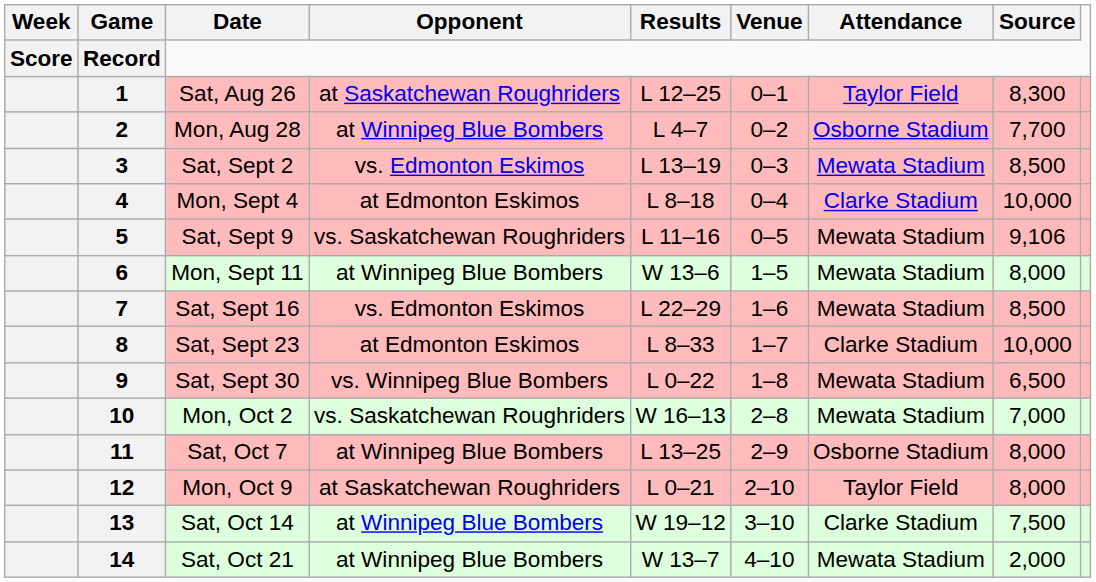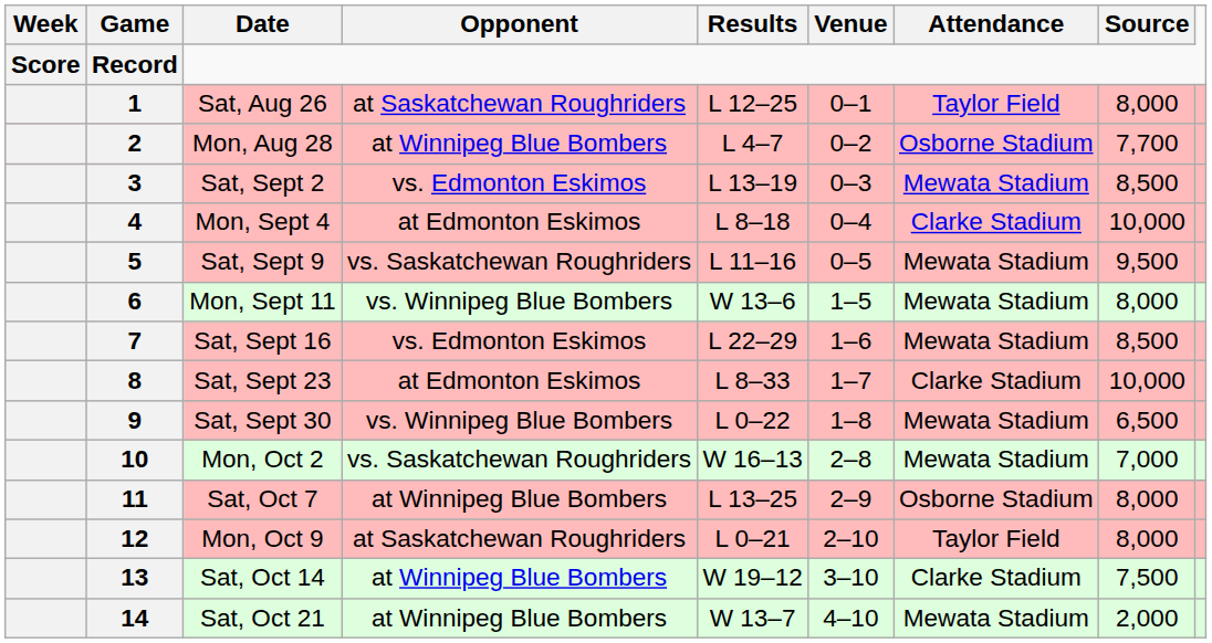 <table class="wikitable" style="text-align:center">
 <tr>
 <th>Week</th>
 <th>Game</th>
 <th>Date</th>
 <th>Opponent</th>
 <th>Results</th>
 <th>Venue</th>
 <th>Attendance</th>
 <th>Source</th>
 </tr>
 <tr>
 <th>Score</th>
 <th>Record</th>
 </tr>
 <tr style="background:#ffbbbb">
 <th></th>
 <th>1</th>
 <td>Sat, Aug 26</td>
 <td>at <a href='#'>Saskatchewan Roughriders</a></td>
 <td>L 12–25</td>
 <td>0–1</td>
 <td><a href='#'>Taylor Field</a></td>
-<td>8,300</td>
+<td>8,000</td>
 <td></td>
 </tr>
 <tr style="background:#ffbbbb">
 <th></th>
 <th>2</th>
 <td>Mon, Aug 28</td>
 <td>at <a href='#'>Winnipeg Blue Bombers</a></td>
 <td>L 4–7</td>
 <td>0–2</td>
 <td><a href='#'>Osborne Stadium</a></td>
 <td>7,700</td>
 <td></td>
 </tr>
 <tr style="background:#ffbbbb">
 <th></th>
 <th>3</th>
 <td>Sat, Sept 2</td>
 <td>vs. <a href='#'>Edmonton Eskimos</a></td>
 <td>L 13–19</td>
 <td>0–3</td>
 <td><a href='#'>Mewata Stadium</a></td>
 <td>8,500</td>
 <td></td>
 </tr>
 <tr style="background:#ffbbbb">
 <th></th>
 <th>4</th>
 <td>Mon, Sept 4</td>
 <td>at Edmonton Eskimos</td>
 <td>L 8–18</td>
 <td>0–4</td>
 <td><a href='#'>Clarke Stadium</a></td>
 <td>10,000</td>
 <td></td>
 </tr>
 <tr style="background:#ffbbbb">
 <th></th>
 <th>5</th>
 <td>Sat, Sept 9</td>
 <td>vs. Saskatchewan Roughriders</td>
 <td>L 11–16</td>
 <td>0–5</td>
 <td>Mewata Stadium</td>
-<td>9,106</td>
+<td>9,500</td>
 <td></td>
 </tr>
 <tr style="background:#ddffdd">
 <th></th>
 <th>6</th>
 <td>Mon, Sept 11</td>
-<td>at Winnipeg Blue Bombers</td>
+<td>vs. Winnipeg Blue Bombers</td>
 <td>W 13–6</td>
 <td>1–5</td>
 <td>Mewata Stadium</td>
 <td>8,000</td>
 <td></td>
 </tr>
 <tr style="background:#ffbbbb">
 <th></th>
 <th>7</th>
 <td>Sat, Sept 16</td>
 <td>vs. Edmonton Eskimos</td>
 <td>L 22–29</td>
 <td>1–6</td>
 <td>Mewata Stadium</td>
 <td>8,500</td>
 <td></td>
 </tr>
 <tr style="background:#ffbbbb">
 <th></th>
 <th>8</th>
 <td>Sat, Sept 23</td>
 <td>at Edmonton Eskimos</td>
 <td>L 8–33</td>
 <td>1–7</td>
 <td>Clarke Stadium</td>
 <td>10,000</td>
 <td></td>
 </tr>
 <tr style="background:#ffbbbb">
 <th></th>
 <th>9</th>
 <td>Sat, Sept 30</td>
 <td>vs. Winnipeg Blue Bombers</td>
 <td>L 0–22</td>
 <td>1–8</td>
 <td>Mewata Stadium</td>
 <td>6,500</td>
 <td></td>
 </tr>
 <tr style="background:#ddffdd">
 <th></th>
 <th>10</th>
 <td>Mon, Oct 2</td>
 <td>vs. Saskatchewan Roughriders</td>
 <td>W 16–13</td>
 <td>2–8</td>
 <td>Mewata Stadium</td>
 <td>7,000</td>
 <td></td>
 </tr>
 <tr style="background:#ffbbbb">
 <th></th>
 <th>11</th>
 <td>Sat, Oct 7</td>
 <td>at Winnipeg Blue Bombers</td>
 <td>L 13–25</td>
 <td>2–9</td>
 <td>Osborne Stadium</td>
 <td>8,000</td>
 <td></td>
 </tr>
 <tr style="background:#ffbbbb">
 <th></th>
 <th>12</th>
 <td>Mon, Oct 9</td>
 <td>at Saskatchewan Roughriders</td>
 <td>L 0–21</td>
 <td>2–10</td>
 <td>Taylor Field</td>
 <td>8,000</td>
 <td></td>
 </tr>
 <tr style="background:#ddffdd">
 <th></th>
 <th>13</th>
 <td>Sat, Oct 14</td>
 <td>at <a href='#'>Winnipeg Blue Bombers</a></td>
 <td>W 19–12</td>
 <td>3–10</td>
 <td>Clarke Stadium</td>
 <td>7,500</td>
 <td></td>
 </tr>
 <tr style="background:#ddffdd">
 <th></th>
 <th>14</th>
 <td>Sat, Oct 21</td>
 <td>at Winnipeg Blue Bombers</td>
 <td>W 13–7</td>
 <td>4–10</td>
 <td>Mewata Stadium</td>
 <td>2,000</td>
 <td></td>
 </tr>
 </table>
